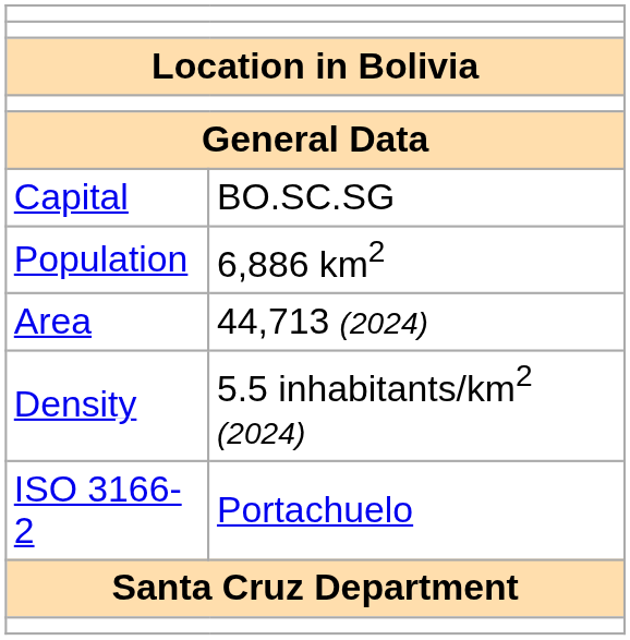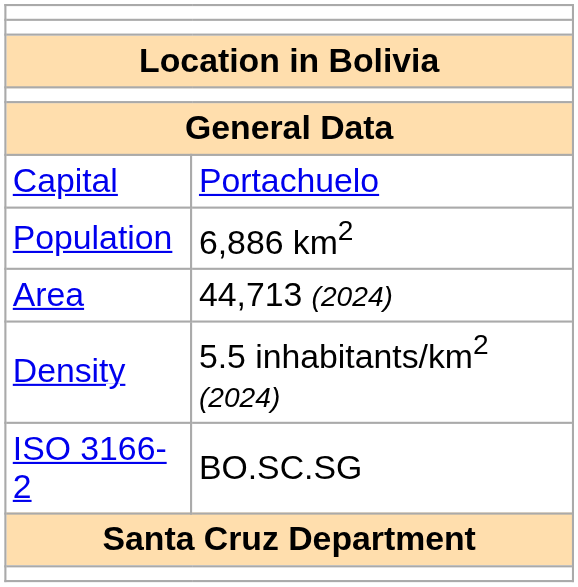 <table border=1 align=right cellpadding=3 cellspacing=0 width=270 style="margin: 0 0 1em 1em; border: 1px #aaa solid; border-collapse: collapse;">
 <tr>
 <td colspan="2" align="center" bgcolor="#ffffff"></td>
 </tr>
 <tr>
 <td colspan="2" align="center" bgcolor="#ffffff"></td>
 </tr>
 <tr>
 <th colspan="2" bgcolor="#FFDEAD">Location in Bolivia</th>
 </tr>
 <tr>
 <td colspan="2" align="center" bgcolor="#ffffff"></td>
 </tr>
 <tr>
 <th colspan="2" bgcolor="#FFDEAD">General Data</th>
 </tr>
 <tr>
 <td><a href='#'>Capital</a></td>
-<td>BO.SC.SG</td>
+<td><a href='#'>Portachuelo</a></td>
 </tr>
 <tr>
 <td><a href='#'>Population</a></td>
 <td>6,886 km<sup>2</sup></td>
 </tr>
 <tr>
 <td><a href='#'>Area</a></td>
 <td>44,713 <em><small>(2024)</small></em></td>
 </tr>
 <tr>
 <td><a href='#'>Density</a></td>
 <td>5.5 inhabitants/km<sup>2</sup> <em><small>(2024)</small></em></td>
 </tr>
 <tr>
 <td><a href='#'>ISO 3166-2</a></td>
-<td><a href='#'>Portachuelo</a></td>
+<td>BO.SC.SG</td>
 </tr>
 <tr>
 <th colspan="2" bgcolor="#FFDEAD">Santa Cruz Department</th>
 </tr>
 <tr>
 <td colspan="2" align="center" bgcolor="#ffffff"></td>
 </tr>
 </table>
